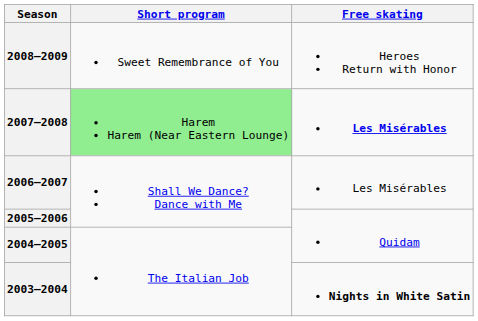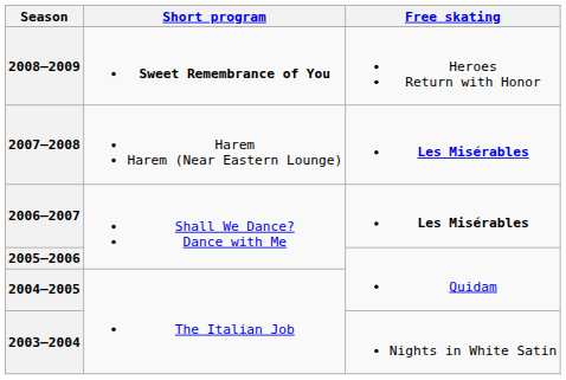 <table class="wikitable"  style="text-align:center">
 <tr>
 <th>Season</th>
 <th><a href='#'>Short program</a></th>
 <th><a href='#'>Free skating</a></th>
 </tr>
 <tr>
 <th>2008–2009 <br> </th>
-<td><br><ul><li>Sweet Remembrance of You <br></li></ul></td>
+<td><strong><br><ul><li>Sweet Remembrance of You <br></li></ul></strong></td>
 <td><br><ul><li>Heroes <br></li><li>Return with Honor <br></li></ul></td>
 </tr>
 <tr>
 <th>2007–2008 <br> </th>
-<td style="background: lightgreen;"><br><ul><li>Harem <br></li><li>Harem (Near Eastern Lounge) <br></li></ul></td>
+<td><br><ul><li>Harem <br></li><li>Harem (Near Eastern Lounge) <br></li></ul></td>
 <td><strong><br><ul><li><a href='#'>Les Misérables</a> <br></li></ul></strong></td>
 </tr>
 <tr>
 <th>2006–2007 <br> </th>
 <td rowspan=2><br><ul><li><a href='#'>Shall We Dance?</a></li><li><a href='#'>Dance with Me</a> <br></li></ul></td>
-<td><br><ul><li>Les Misérables <br></li></ul></td>
+<td><strong><br><ul><li>Les Misérables <br></li></ul></strong></td>
 </tr>
 <tr>
 <th>2005–2006 <br></th>
 <td rowspan=2><br><ul><li><a href='#'>Quidam</a> <br></li></ul></td>
 </tr>
 <tr>
 <th>2004–2005 <br></th>
 <td rowspan=2><br><ul><li><a href='#'>The Italian Job</a> <br></li></ul></td>
 </tr>
 <tr>
 <th>2003–2004 <br></th>
-<td><strong><br><ul><li>Nights in White Satin <br></li></ul></strong></td>
+<td><br><ul><li>Nights in White Satin <br></li></ul></td>
 </tr>
 </table>
